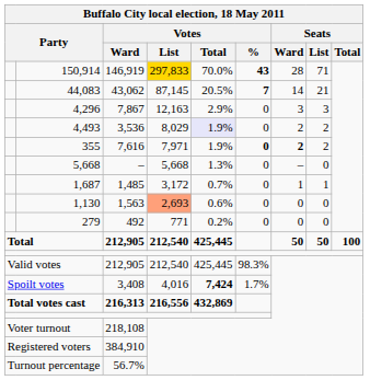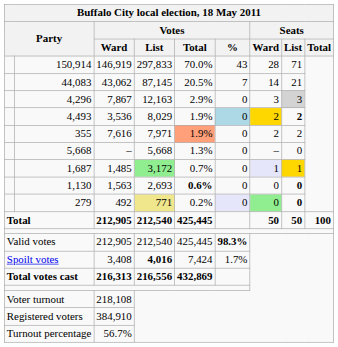 <table class=wikitable style="text-align:right">
 <tr>
 <th colspan="9" align="center">Buffalo City local election, 18 May 2011</th>
 </tr>
 <tr>
 <th rowspan="2" colspan="2">Party</th>
 <th colspan="4" align="center">Votes</th>
 <th colspan="3" align="center">Seats</th>
 </tr>
 <tr>
 <th>Ward</th>
 <th>List</th>
 <th>Total</th>
 <th>%</th>
 <th>Ward</th>
 <th>List</th>
 <th>Total</th>
 </tr>
 <tr>
 <td></td>
 <td>150,914</td>
 <td>146,919</td>
-<td style="background: gold;">297,833</td>
+<td>297,833</td>
 <td>70.0%</td>
-<td><strong>43</strong></td>
+<td>43</td>
 <td>28</td>
 <td>71</td>
 </tr>
 <tr>
 <td></td>
 <td>44,083</td>
 <td>43,062</td>
 <td>87,145</td>
 <td>20.5%</td>
-<td><strong>7</strong></td>
+<td>7</td>
 <td>14</td>
 <td>21</td>
 </tr>
 <tr>
 <td></td>
 <td>4,296</td>
 <td>7,867</td>
 <td>12,163</td>
 <td>2.9%</td>
 <td>0</td>
 <td>3</td>
-<td>3</td>
+<td style="background: lightgrey;">3</td>
 </tr>
 <tr>
 <td></td>
 <td>4,493</td>
 <td>3,536</td>
 <td>8,029</td>
-<td style="background: lavender;">1.9%</td>
-<td>0</td>
-<td>2</td>
-<td>2</td>
+<td>1.9%</td>
+<td style="background: lightblue;">0</td>
+<td style="background: gold;">2</td>
+<td><strong>2</strong></td>
 </tr>
 <tr>
 <td></td>
 <td>355</td>
 <td>7,616</td>
 <td>7,971</td>
-<td>1.9%</td>
-<td><strong>0</strong></td>
-<td><strong>2</strong></td>
+<td style="background: lightsalmon;">1.9%</td>
+<td>0</td>
+<td>2</td>
 <td>2</td>
 </tr>
 <tr>
 <td></td>
 <td>5,668</td>
 <td>–</td>
 <td>5,668</td>
 <td>1.3%</td>
 <td>0</td>
 <td>–</td>
 <td>0</td>
 </tr>
 <tr>
 <td></td>
 <td>1,687</td>
 <td>1,485</td>
-<td>3,172</td>
+<td style="background: lightgreen;">3,172</td>
 <td>0.7%</td>
 <td>0</td>
-<td>1</td>
-<td>1</td>
+<td style="background: lavender;">1</td>
+<td style="background: gold;">1</td>
 </tr>
 <tr>
 <td></td>
 <td>1,130</td>
 <td>1,563</td>
-<td style="background: lightsalmon;">2,693</td>
-<td>0.6%</td>
+<td>2,693</td>
+<td><strong>0.6%</strong></td>
 <td>0</td>
 <td>0</td>
-<td>0</td>
+<td><strong>0</strong></td>
 </tr>
 <tr>
 <td></td>
 <td>279</td>
 <td>492</td>
-<td>771</td>
+<td style="background: khaki;">771</td>
 <td>0.2%</td>
-<td>0</td>
-<td>0</td>
-<td>0</td>
+<td style="background: lavender;">0</td>
+<td style="background: lightgreen;">0</td>
+<td><strong>0</strong></td>
 </tr>
 <tr>
 <td colspan="2" style="text-align:left"><strong>Total</strong></td>
 <td><strong>212,905</strong></td>
 <td><strong>212,540</strong></td>
 <td><strong>425,445</strong></td>
 <td></td>
 <td><strong>50</strong></td>
 <td><strong>50</strong></td>
 <td><strong>100</strong></td>
 </tr>
 <tr>
 <td colspan="9"></td>
 </tr>
 <tr>
 <td colspan="2" style="text-align:left">Valid votes</td>
 <td>212,905</td>
 <td>212,540</td>
 <td>425,445</td>
-<td>98.3%</td>
+<td><strong>98.3%</strong></td>
 </tr>
 <tr>
 <td colspan="2" style="text-align:left"><a href='#'>Spoilt votes</a></td>
 <td>3,408</td>
-<td>4,016</td>
-<td><strong>7,424</strong></td>
+<td><strong>4,016</strong></td>
+<td>7,424</td>
 <td>1.7%</td>
 </tr>
 <tr>
 <td colspan="2" style="text-align:left"><strong>Total votes cast</strong></td>
 <td><strong>216,313</strong></td>
 <td><strong>216,556</strong></td>
 <td><strong>432,869</strong></td>
 <td></td>
 </tr>
 <tr>
 <td colspan="6"></td>
 </tr>
 <tr>
 <td colspan="2" style="text-align:left">Voter turnout</td>
 <td>218,108</td>
 </tr>
 <tr>
 <td colspan="2" style="text-align:left">Registered voters</td>
 <td>384,910</td>
 </tr>
 <tr>
 <td colspan="2" style="text-align:left">Turnout percentage</td>
 <td>56.7%</td>
 </tr>
 </table>
